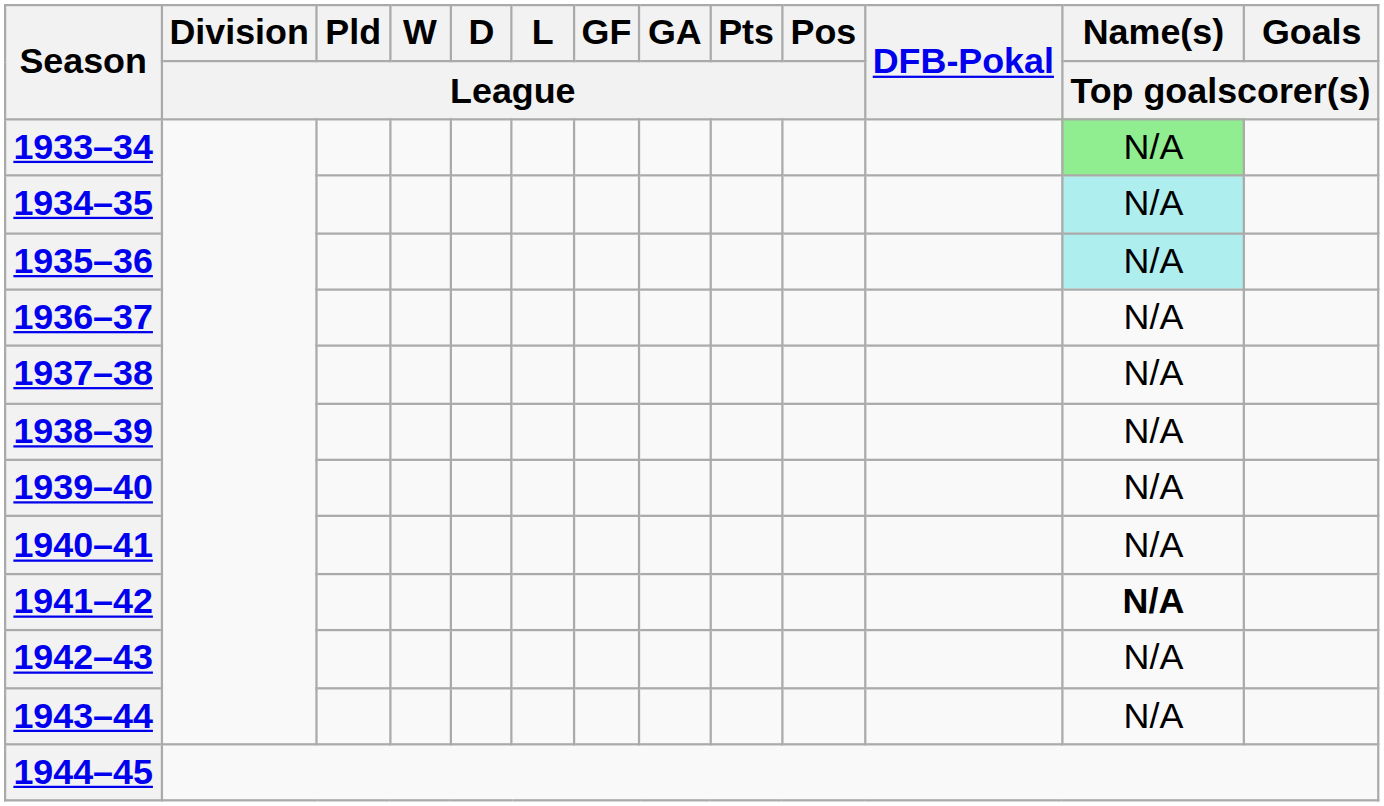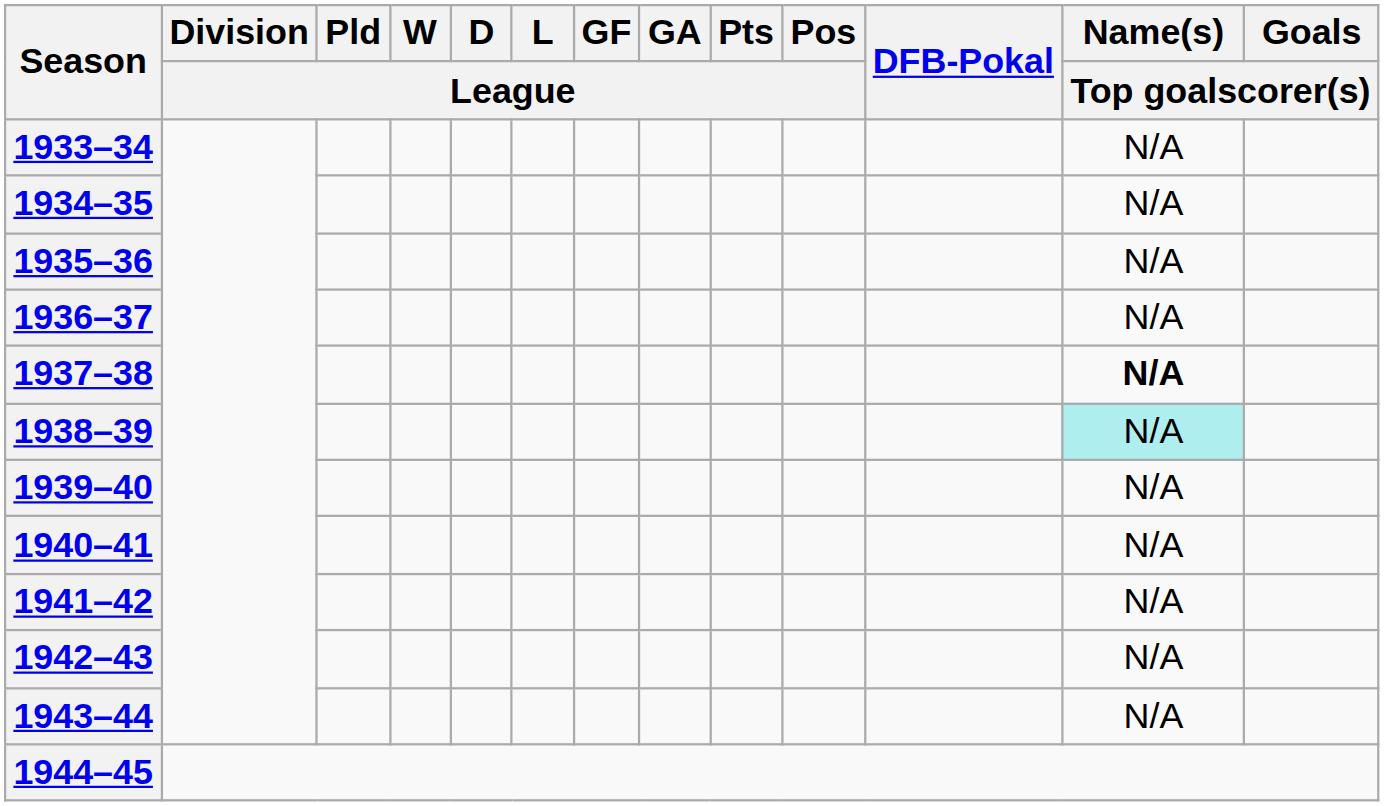 <table class="wikitable sortable" style="text-align: center">
 <tr>
 <th rowspan="2" scope="col">Season</th>
 <th scope="col">Division</th>
 <th style="width:20px;" scope="col">Pld</th>
 <th style="width:20px;" scope="col">W</th>
 <th style="width:20px;" scope="col">D</th>
 <th style="width:20px;" scope="col">L</th>
 <th style="width:20px;" scope="col">GF</th>
 <th style="width:20px;" scope="col">GA</th>
 <th style="width:20px;" scope="col">Pts</th>
 <th style="width:20px;" scope="col">Pos</th>
 <th rowspan="2" scope="col"><a href='#'>DFB-Pokal</a></th>
 <th scope="col">Name(s)</th>
 <th scope="col">Goals</th>
 </tr>
 <tr class="unsortable">
 <th colspan="9" scope="col">League</th>
 <th colspan="2" scope="col">Top goalscorer(s)</th>
 </tr>
 <tr>
 <th scope="row"><a href='#'>1933–34</a></th>
 <td style="text-align:left;" rowspan="11"></td>
 <td></td>
 <td></td>
 <td></td>
 <td></td>
 <td></td>
 <td></td>
 <td></td>
 <td></td>
 <td style="color:Grey" rowspan="1"></td>
-<td style="background: lightgreen; text-align:centre">N/A</td>
+<td style="text-align:centre">N/A</td>
 <td></td>
 </tr>
 <tr>
 <th scope="row"><a href='#'>1934–35</a></th>
 <td></td>
 <td></td>
 <td></td>
 <td></td>
 <td></td>
 <td></td>
 <td></td>
 <td> </td>
 <td></td>
-<td style="background: paleturquoise; text-align:centre">N/A</td>
+<td style="text-align:centre">N/A</td>
 <td></td>
 </tr>
 <tr>
 <th scope="row"><a href='#'>1935–36</a></th>
 <td></td>
 <td></td>
 <td></td>
 <td></td>
 <td></td>
 <td></td>
 <td></td>
 <td></td>
 <td></td>
-<td style="background: paleturquoise; text-align:centre">N/A</td>
+<td style="text-align:centre">N/A</td>
 <td></td>
 </tr>
 <tr>
 <th scope="row"><a href='#'>1936–37</a></th>
 <td></td>
 <td></td>
 <td></td>
 <td></td>
 <td></td>
 <td></td>
 <td></td>
 <td> </td>
 <td></td>
 <td style="text-align:centre">N/A</td>
 <td></td>
 </tr>
 <tr>
 <th scope="row"><a href='#'>1937–38</a></th>
 <td></td>
 <td></td>
 <td></td>
 <td></td>
 <td></td>
 <td></td>
 <td></td>
 <td> </td>
 <td></td>
-<td style="text-align:centre">N/A</td>
+<td style="text-align:centre"><strong>N/A</strong></td>
 <td></td>
 </tr>
 <tr>
 <th scope="row"><a href='#'>1938–39</a></th>
 <td></td>
 <td></td>
 <td></td>
 <td></td>
 <td></td>
 <td></td>
 <td></td>
 <td></td>
 <td></td>
-<td style="text-align:centre">N/A</td>
+<td style="background: paleturquoise; text-align:centre">N/A</td>
 <td></td>
 </tr>
 <tr>
 <th scope="row"><a href='#'>1939–40</a></th>
 <td></td>
 <td></td>
 <td></td>
 <td></td>
 <td></td>
 <td></td>
 <td></td>
 <td> </td>
 <td></td>
 <td style="text-align:centre">N/A</td>
 <td></td>
 </tr>
 <tr>
 <th scope="row"><a href='#'>1940–41</a></th>
 <td></td>
 <td></td>
 <td></td>
 <td></td>
 <td></td>
 <td></td>
 <td></td>
 <td></td>
 <td></td>
 <td style="text-align:centre">N/A</td>
 <td></td>
 </tr>
 <tr>
 <th scope="row"><a href='#'>1941–42</a></th>
 <td></td>
 <td></td>
 <td></td>
 <td></td>
 <td></td>
 <td></td>
 <td></td>
 <td></td>
 <td></td>
-<td style="text-align:centre"><strong>N/A</strong></td>
+<td style="text-align:centre">N/A</td>
 <td></td>
 </tr>
 <tr>
 <th scope="row"><a href='#'>1942–43</a></th>
 <td></td>
 <td></td>
 <td></td>
 <td></td>
 <td></td>
 <td></td>
 <td></td>
 <td></td>
 <td></td>
 <td style="text-align:centre">N/A</td>
 <td></td>
 </tr>
 <tr>
 <th scope="row"><a href='#'>1943–44</a></th>
 <td></td>
 <td></td>
 <td></td>
 <td></td>
 <td></td>
 <td></td>
 <td></td>
 <td></td>
 <td style="color:Grey" rowspan="1"></td>
 <td style="text-align:centre">N/A</td>
 <td></td>
 </tr>
 <tr>
 <th scope="row"><a href='#'>1944–45</a></th>
 <td style="text-align:center;" rowspan="1" colspan="12"><em></em></td>
 </tr>
 </table>
